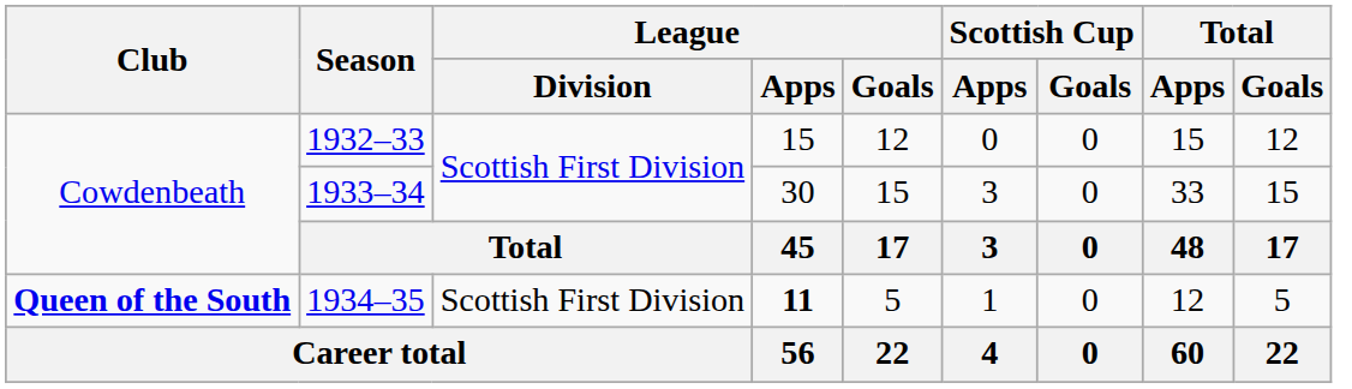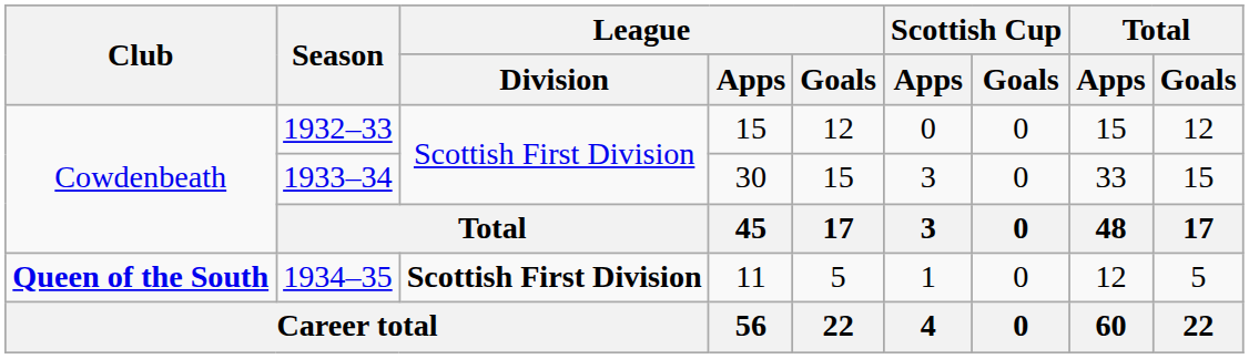 <table class="wikitable" style="text-align: center;">
 <tr>
 <th rowspan="2">Club</th>
 <th rowspan="2">Season</th>
 <th colspan="3">League</th>
 <th colspan="2">Scottish Cup</th>
 <th colspan="2">Total</th>
 </tr>
 <tr>
 <th>Division</th>
 <th>Apps</th>
 <th>Goals</th>
 <th>Apps</th>
 <th>Goals</th>
 <th>Apps</th>
 <th>Goals</th>
 </tr>
 <tr>
 <td rowspan="3"><a href='#'>Cowdenbeath</a></td>
 <td><a href='#'>1932–33</a></td>
 <td rowspan="2"><a href='#'>Scottish First Division</a></td>
 <td>15</td>
 <td>12</td>
 <td>0</td>
 <td>0</td>
 <td>15</td>
 <td>12</td>
 </tr>
 <tr>
 <td><a href='#'>1933–34</a></td>
 <td>30</td>
 <td>15</td>
 <td>3</td>
 <td>0</td>
 <td>33</td>
 <td>15</td>
 </tr>
 <tr>
 <th colspan="2">Total</th>
 <th>45</th>
 <th>17</th>
 <th>3</th>
 <th>0</th>
 <th>48</th>
 <th>17</th>
 </tr>
 <tr>
 <td><strong><a href='#'>Queen of the South</a></strong></td>
 <td><a href='#'>1934–35</a></td>
-<td>Scottish First Division</td>
-<td><strong>11</strong></td>
+<td><strong>Scottish First Division</strong></td>
+<td>11</td>
 <td>5</td>
 <td>1</td>
 <td>0</td>
 <td>12</td>
 <td>5</td>
 </tr>
 <tr>
 <th colspan="3">Career total</th>
 <th>56</th>
 <th>22</th>
 <th>4</th>
 <th>0</th>
 <th>60</th>
 <th>22</th>
 </tr>
 </table>
